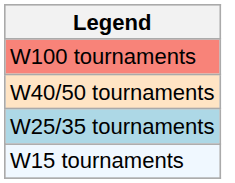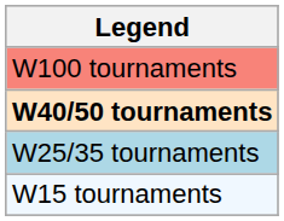 <table class="wikitable" style=font-size:85%>
 <tr>
 <th>Legend</th>
 </tr>
 <tr style="background:#f88379;">
 <td>W100 tournaments</td>
 </tr>
 <tr style="background:#ffe4c4">
-<td>W40/50 tournaments</td>
+<td><strong>W40/50 tournaments</strong></td>
 </tr>
 <tr style="background:lightblue">
 <td>W25/35 tournaments</td>
 </tr>
 <tr style="background:#f0f8ff;">
 <td>W15 tournaments</td>
 </tr>
 </table>
